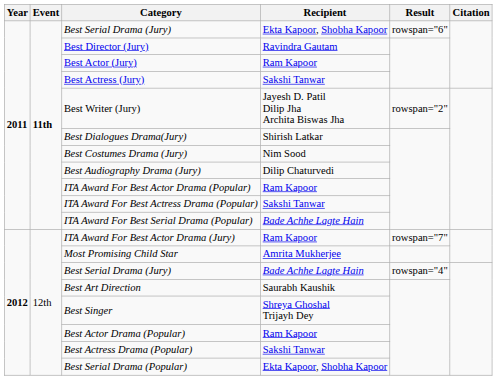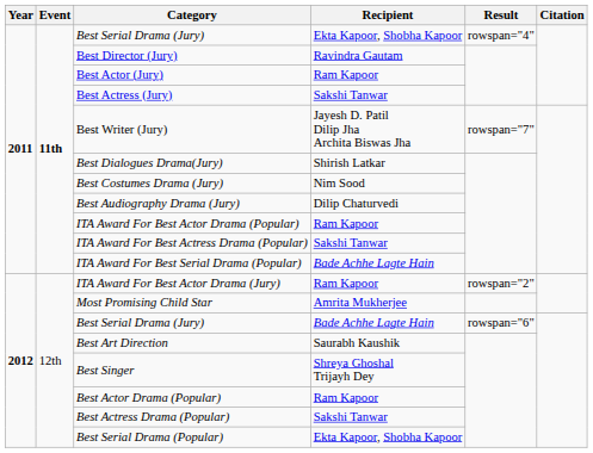 <table class="wikitable">
 <tr>
 <th>Year</th>
 <th>Event</th>
 <th>Category</th>
 <th>Recipient</th>
 <th>Result</th>
 <th>Citation</th>
 </tr>
 <tr>
 <td rowspan="11"><strong>2011</strong></td>
 <td rowspan="11"><strong>11th</strong></td>
 <td><em>Best Serial Drama (Jury)</em></td>
 <td><a href='#'>Ekta Kapoor</a>, <a href='#'>Shobha Kapoor</a></td>
-<td>rowspan="6" </td>
+<td>rowspan="4" </td>
 <td rowspan="4"></td>
 </tr>
 <tr>
 <td><a href='#'>Best Director (Jury)</a></td>
 <td><a href='#'>Ravindra Gautam</a></td>
 </tr>
 <tr>
 <td><a href='#'>Best Actor (Jury)</a></td>
 <td><a href='#'>Ram Kapoor</a></td>
 </tr>
 <tr>
 <td><a href='#'>Best Actress (Jury)</a></td>
 <td><a href='#'>Sakshi Tanwar</a></td>
 </tr>
 <tr>
 <td>Best Writer (Jury)</td>
 <td>Jayesh D. Patil <br> Dilip Jha <br> Archita Biswas Jha</td>
-<td>rowspan="2" </td>
+<td>rowspan="7" </td>
 <td rowspan="7"></td>
 </tr>
 <tr>
 <td><em>Best Dialogues Drama(Jury)</em></td>
 <td>Shirish Latkar</td>
 </tr>
 <tr>
 <td><em>Best Costumes Drama (Jury)</em></td>
 <td>Nim Sood</td>
 </tr>
 <tr>
 <td><em>Best Audiography Drama (Jury)</em></td>
 <td>Dilip Chaturvedi</td>
 </tr>
 <tr>
 <td><em>ITA Award For Best Actor Drama (Popular)</em></td>
 <td><a href='#'>Ram Kapoor</a></td>
 </tr>
 <tr>
 <td><em>ITA Award For Best Actress Drama (Popular)</em></td>
 <td><a href='#'>Sakshi Tanwar</a></td>
 </tr>
 <tr>
 <td><em>ITA Award For Best Serial Drama (Popular)</em></td>
 <td><em><a href='#'>Bade Achhe Lagte Hain</a></em></td>
 </tr>
 <tr>
 <td rowspan="8"><strong>2012</strong></td>
 <td rowspan="8">12th</td>
 <td><em>ITA Award For Best Actor Drama (Jury)</em></td>
 <td><a href='#'>Ram Kapoor</a></td>
-<td>rowspan="7" </td>
+<td>rowspan="2" </td>
 <td rowspan="2"></td>
 </tr>
 <tr>
 <td><em>Most Promising Child Star</em></td>
 <td><a href='#'>Amrita Mukherjee</a></td>
 </tr>
 <tr>
 <td><em>Best Serial Drama (Jury)</em></td>
 <td><em><a href='#'>Bade Achhe Lagte Hain</a></em></td>
-<td>rowspan="4" </td>
+<td>rowspan="6" </td>
 <td rowspan="6"></td>
 </tr>
 <tr>
 <td><em>Best Art Direction</em></td>
 <td>Saurabh Kaushik</td>
 </tr>
 <tr>
 <td><em>Best Singer</em></td>
 <td><a href='#'>Shreya Ghoshal</a> <br> Trijayh Dey</td>
 </tr>
 <tr>
 <td><em>Best Actor Drama (Popular)</em></td>
 <td><a href='#'>Ram Kapoor</a></td>
 </tr>
 <tr>
 <td><em>Best Actress Drama (Popular)</em></td>
 <td><a href='#'>Sakshi Tanwar</a></td>
 </tr>
 <tr>
 <td><em>Best Serial Drama (Popular)</em></td>
 <td><a href='#'>Ekta Kapoor</a>, <a href='#'>Shobha Kapoor</a></td>
 </tr>
 </table>
